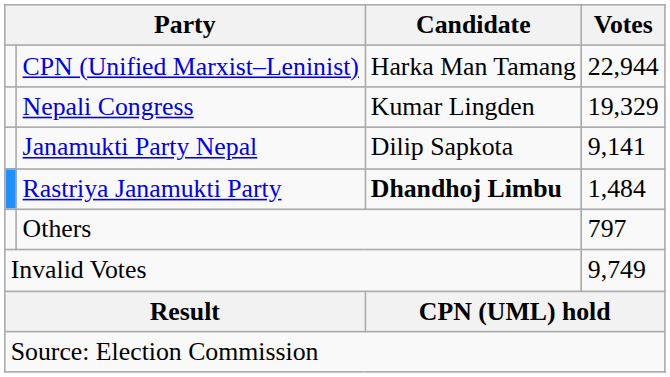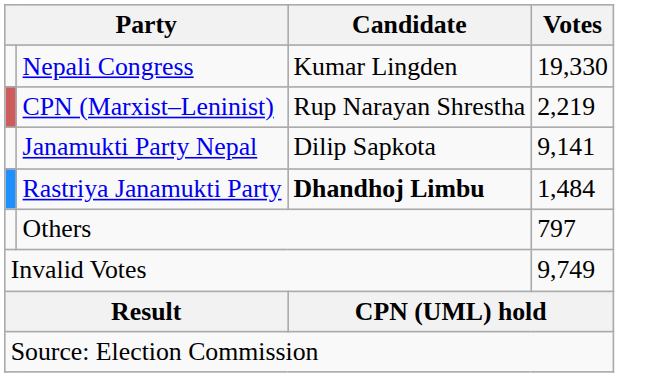 <table class="wikitable">
 <tr>
 <th colspan="2">Party</th>
 <th>Candidate</th>
 <th>Votes</th>
 </tr>
 <tr>
 <td style="background-color:"></td>
-<td><a href='#'>CPN (Unified Marxist–Leninist)</a></td>
-<td>Harka Man Tamang</td>
-<td>22,944</td>
+<td><a href='#'>Nepali Congress</a></td>
+<td>Kumar Lingden</td>
+<td>19,330</td>
 </tr>
 <tr>
-<td style="background-color:"></td>
-<td><a href='#'>Nepali Congress</a></td>
-<td>Kumar Lingden</td>
-<td>19,329</td>
+<td style="background-color:indianred"></td>
+<td><a href='#'>CPN (Marxist–Leninist)</a></td>
+<td>Rup Narayan Shrestha</td>
+<td>2,219</td>
 </tr>
 <tr>
 <td></td>
 <td><a href='#'>Janamukti Party Nepal</a></td>
 <td>Dilip Sapkota</td>
 <td>9,141</td>
 </tr>
 <tr>
 <td style="background-color:dodgerblue"></td>
 <td><a href='#'>Rastriya Janamukti Party</a></td>
 <td><strong>Dhandhoj Limbu</strong></td>
 <td>1,484</td>
 </tr>
 <tr>
 <td></td>
 <td colspan="2">Others</td>
 <td>797</td>
 </tr>
 <tr>
 <td colspan="3">Invalid Votes</td>
 <td>9,749</td>
 </tr>
 <tr>
 <th colspan="2">Result</th>
 <th colspan="2">CPN (UML) hold</th>
 </tr>
 <tr>
 <td colspan="4">Source: Election Commission</td>
 </tr>
 </table>
